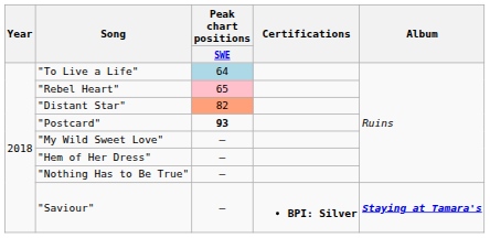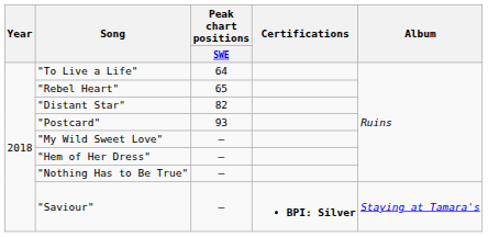 <table class="wikitable">
 <tr>
 <th style="text-align:center;" rowspan="2">Year</th>
 <th style="text-align:center;" rowspan="2">Song</th>
 <th style="text-align:center;" colspan="1">Peak chart positions</th>
 <th style="text-align:center;" rowspan="2">Certifications</th>
 <th style="text-align:center;" rowspan="2">Album</th>
 </tr>
 <tr>
 <th style="width:45px;"><small><a href='#'>SWE</a></small><br></th>
 </tr>
 <tr>
 <td style="text-align:center;" rowspan="8">2018</td>
 <td align="left">"To Live a Life"</td>
-<td style="background: lightblue; text-align:center;">64</td>
+<td style="text-align:center;">64</td>
 <td></td>
 <td align="left" rowspan="7"><em>Ruins</em></td>
 </tr>
 <tr>
 <td align="left">"Rebel Heart"</td>
-<td style="background: pink; text-align:center;">65</td>
+<td style="text-align:center;">65</td>
 <td></td>
 </tr>
 <tr>
 <td align="left">"Distant Star"</td>
-<td style="background: lightsalmon; text-align:center;">82</td>
+<td style="text-align:center;">82</td>
 <td></td>
 </tr>
 <tr>
 <td align="left">"Postcard"</td>
-<td style="text-align:center;"><strong>93</strong></td>
+<td style="text-align:center;">93</td>
 <td></td>
 </tr>
 <tr>
 <td align="left">"My Wild Sweet Love"</td>
 <td style="text-align:center;">—</td>
 <td></td>
 </tr>
 <tr>
 <td align="left">"Hem of Her Dress"</td>
 <td style="text-align:center;">—</td>
 <td></td>
 </tr>
 <tr>
 <td align="left">"Nothing Has to Be True"</td>
 <td style="text-align:center;">—</td>
 <td></td>
 </tr>
 <tr>
 <td align="left">"Saviour"<br></td>
 <td style="text-align:center;">—</td>
 <td><strong><br><ul><li>BPI: Silver</li></ul></strong></td>
-<td><strong><em><a href='#'>Staying at Tamara's</a></em></strong></td>
+<td><em><a href='#'>Staying at Tamara's</a></em></td>
 </tr>
 </table>
